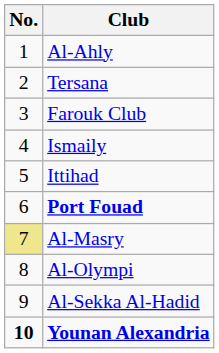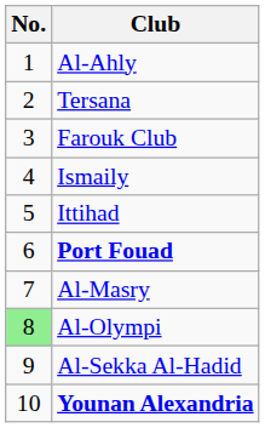 <table class="wikitable sortable">
 <tr>
 <th>No.</th>
 <th>Club</th>
 </tr>
 <tr>
 <td align="center">1</td>
 <td><a href='#'>Al-Ahly</a></td>
 </tr>
 <tr>
 <td align="center">2</td>
 <td><a href='#'>Tersana</a></td>
 </tr>
 <tr>
 <td align="center">3</td>
 <td><a href='#'>Farouk Club</a></td>
 </tr>
 <tr>
 <td align="center">4</td>
 <td><a href='#'>Ismaily</a></td>
 </tr>
 <tr>
 <td align="center">5</td>
 <td><a href='#'>Ittihad</a></td>
 </tr>
 <tr>
 <td align="center">6</td>
 <td><strong><a href='#'>Port Fouad</a></strong></td>
 </tr>
 <tr>
-<td align="center" style="background: khaki;">7</td>
+<td align="center">7</td>
 <td><a href='#'>Al-Masry</a></td>
 </tr>
 <tr>
-<td align="center">8</td>
+<td align="center" style="background: lightgreen;">8</td>
 <td><a href='#'>Al-Olympi</a></td>
 </tr>
 <tr>
 <td align="center">9</td>
 <td><a href='#'>Al-Sekka Al-Hadid</a></td>
 </tr>
 <tr>
-<td align="center"><strong>10</strong></td>
+<td align="center">10</td>
 <td><strong><a href='#'>Younan Alexandria</a></strong></td>
 </tr>
 </table>
